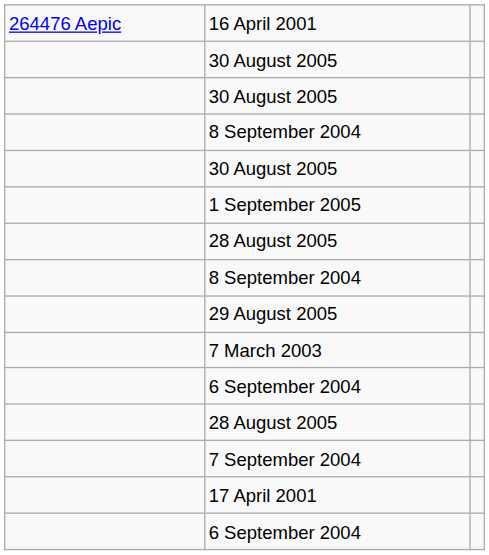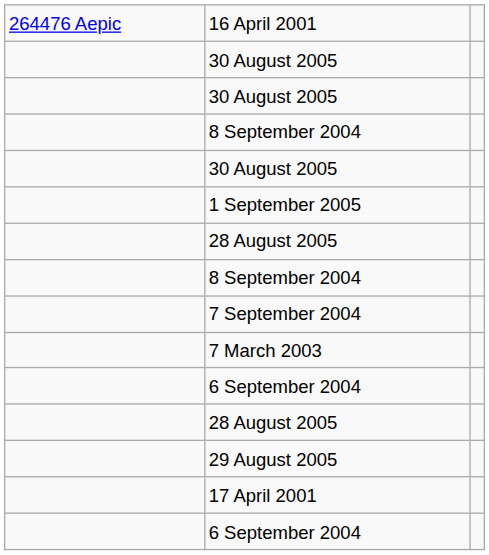 <table class="wikitable" style="font-size: 89%; float: left; width: 26em; margin-right: 1em; height: 420px;">
 <tr>
 <td><a href='#'>264476 Aepic</a></td>
 <td>16 April 2001</td>
 <td></td>
 </tr>
 <tr>
 <td></td>
 <td>30 August 2005</td>
 <td></td>
 </tr>
 <tr>
 <td></td>
 <td>30 August 2005</td>
 <td></td>
 </tr>
 <tr>
 <td></td>
 <td>8 September 2004</td>
 <td></td>
 </tr>
 <tr>
 <td></td>
 <td>30 August 2005</td>
 <td></td>
 </tr>
 <tr>
 <td></td>
 <td>1 September 2005</td>
 <td></td>
 </tr>
 <tr>
 <td></td>
 <td>28 August 2005</td>
 <td></td>
 </tr>
 <tr>
 <td></td>
 <td>8 September 2004</td>
 <td></td>
 </tr>
 <tr>
 <td></td>
-<td>29 August 2005</td>
+<td>7 September 2004</td>
 <td></td>
 </tr>
 <tr>
 <td></td>
 <td>7 March 2003</td>
 <td></td>
 </tr>
 <tr>
 <td></td>
 <td>6 September 2004</td>
 <td></td>
 </tr>
 <tr>
 <td></td>
 <td>28 August 2005</td>
 <td></td>
 </tr>
 <tr>
 <td></td>
-<td>7 September 2004</td>
+<td>29 August 2005</td>
 <td></td>
 </tr>
 <tr>
 <td></td>
 <td>17 April 2001</td>
 <td></td>
 </tr>
 <tr>
 <td></td>
 <td>6 September 2004</td>
 <td></td>
 </tr>
 </table>
